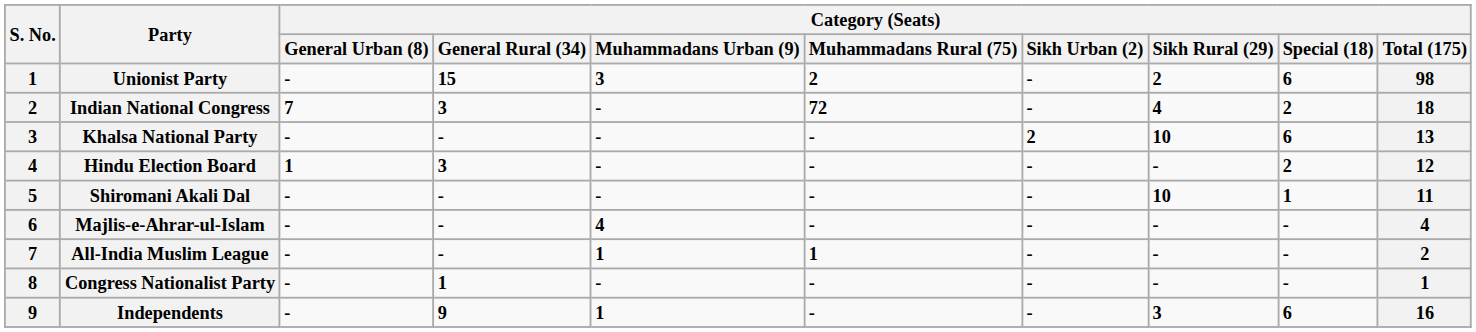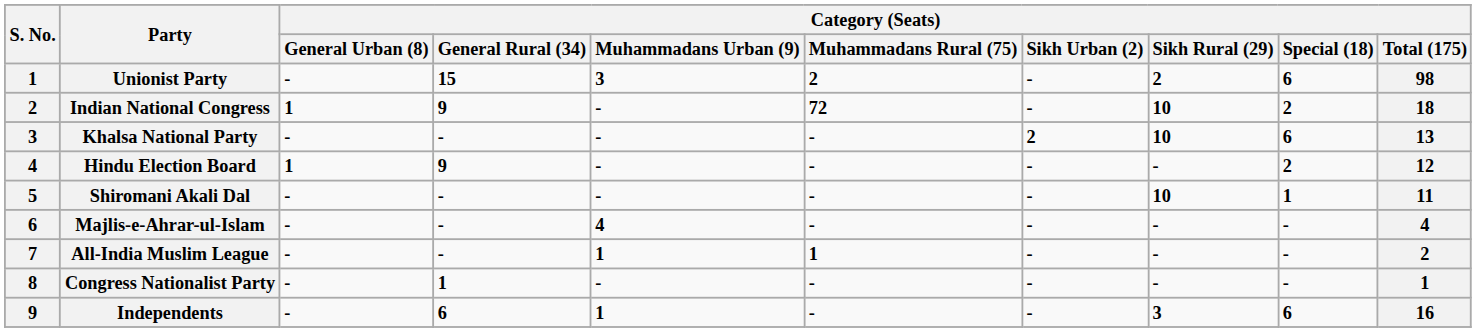 <table class="wikitable" style="font-weight: bold; font-size: x-small; font-family: verdana">
 <tr>
 <th rowspan=2>S. No.</th>
 <th rowspan=2>Party</th>
 <th colspan=8>Category (Seats)</th>
 </tr>
 <tr>
 <th>General Urban (8)</th>
 <th>General Rural (34)</th>
 <th>Muhammadans Urban (9)</th>
 <th>Muhammadans Rural (75)</th>
 <th>Sikh Urban (2)</th>
 <th>Sikh Rural (29)</th>
 <th>Special (18)</th>
 <th>Total (175)</th>
 </tr>
 <tr>
 <th>1</th>
 <th><span>Unionist Party</span></th>
 <td>-</td>
 <td>15</td>
 <td>3</td>
 <td>2</td>
 <td>-</td>
 <td>2</td>
 <td>6</td>
 <th>98</th>
 </tr>
 <tr>
 <th>2</th>
 <th><span>Indian National Congress</span></th>
-<td>7</td>
-<td>3</td>
+<td>1</td>
+<td>9</td>
 <td>-</td>
 <td>72</td>
 <td>-</td>
-<td>4</td>
+<td>10</td>
 <td>2</td>
 <th>18</th>
 </tr>
 <tr>
 <th>3</th>
 <th><span>Khalsa National Party</span></th>
 <td>-</td>
 <td>-</td>
 <td>-</td>
 <td>-</td>
 <td>2</td>
 <td>10</td>
 <td>6</td>
 <th>13</th>
 </tr>
 <tr>
 <th>4</th>
 <th><span>Hindu Election Board</span></th>
 <td>1</td>
-<td>3</td>
+<td>9</td>
 <td>-</td>
 <td>-</td>
 <td>-</td>
 <td>-</td>
 <td>2</td>
 <th>12</th>
 </tr>
 <tr>
 <th>5</th>
 <th><span>Shiromani Akali Dal</span></th>
 <td>-</td>
 <td>-</td>
 <td>-</td>
 <td>-</td>
 <td>-</td>
 <td>10</td>
 <td>1</td>
 <th>11</th>
 </tr>
 <tr>
 <th>6</th>
 <th><span>Majlis-e-Ahrar-ul-Islam</span></th>
 <td>-</td>
 <td>-</td>
 <td>4</td>
 <td>-</td>
 <td>-</td>
 <td>-</td>
 <td>-</td>
 <th>4</th>
 </tr>
 <tr>
 <th>7</th>
 <th><span>All-India Muslim League</span></th>
 <td>-</td>
 <td>-</td>
 <td>1</td>
 <td>1</td>
 <td>-</td>
 <td>-</td>
 <td>-</td>
 <th>2</th>
 </tr>
 <tr>
 <th>8</th>
 <th><span>Congress Nationalist Party</span></th>
 <td>-</td>
 <td>1</td>
 <td>-</td>
 <td>-</td>
 <td>-</td>
 <td>-</td>
 <td>-</td>
 <th>1</th>
 </tr>
 <tr>
 <th>9</th>
 <th>Independents</th>
 <td>-</td>
-<td>9</td>
+<td>6</td>
 <td>1</td>
 <td>-</td>
 <td>-</td>
 <td>3</td>
 <td>6</td>
 <th>16</th>
 </tr>
 </table>
